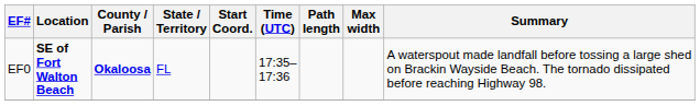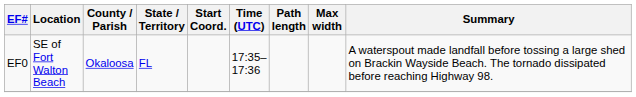 <table class="wikitable sortable" style="width:100%;">
 <tr>
 <th scope="col"  style="width:3%; text-align:center;"><a href='#'>EF#</a></th>
 <th scope="col"  style="width:7%; text-align:center;" class="unsortable">Location</th>
 <th scope="col"  style="width:6%; text-align:center;" class="unsortable">County / Parish</th>
 <th scope="col"  style="width:5%; text-align:center;">State / Territory</th>
 <th scope="col"  style="width:6%; text-align:center;">Start Coord.</th>
 <th scope="col"  style="width:6%; text-align:center;">Time (<a href='#'>UTC</a>)</th>
 <th scope="col"  style="width:6%; text-align:center;">Path length</th>
 <th scope="col"  style="width:6%; text-align:center;">Max width</th>
 <th scope="col" class="unsortable" style="width:48%; text-align:center;">Summary</th>
 </tr>
 <tr>
 <td>EF0</td>
-<td><strong>SE of <a href='#'>Fort Walton Beach</a></strong></td>
-<td><strong><a href='#'>Okaloosa</a></strong></td>
+<td>SE of <a href='#'>Fort Walton Beach</a></td>
+<td><a href='#'>Okaloosa</a></td>
 <td><a href='#'>FL</a></td>
 <td></td>
 <td>17:35–17:36</td>
 <td></td>
 <td></td>
 <td>A waterspout made landfall before tossing a large shed on Brackin Wayside Beach. The tornado dissipated before reaching Highway 98.</td>
 </tr>
 <tr>
 </tr>
 </table>
